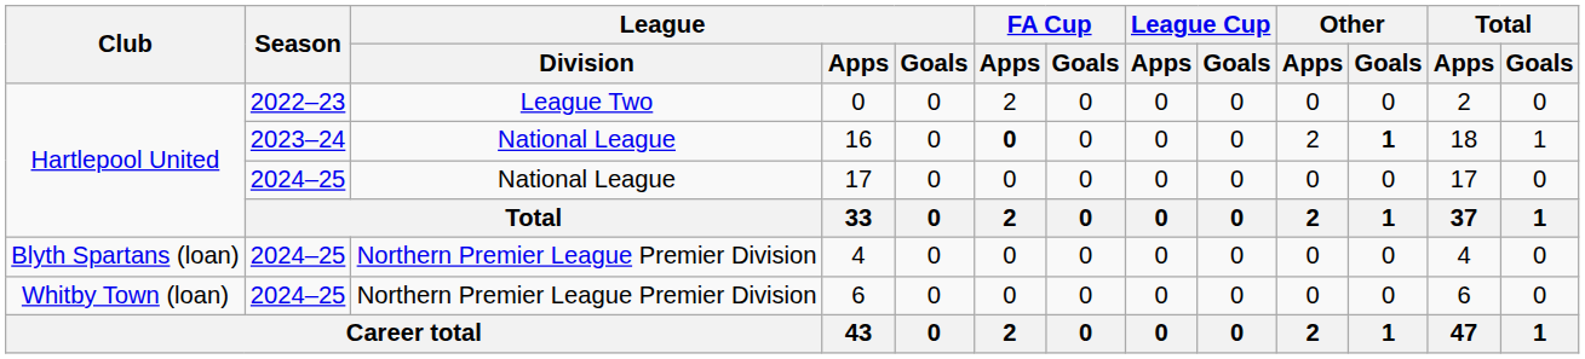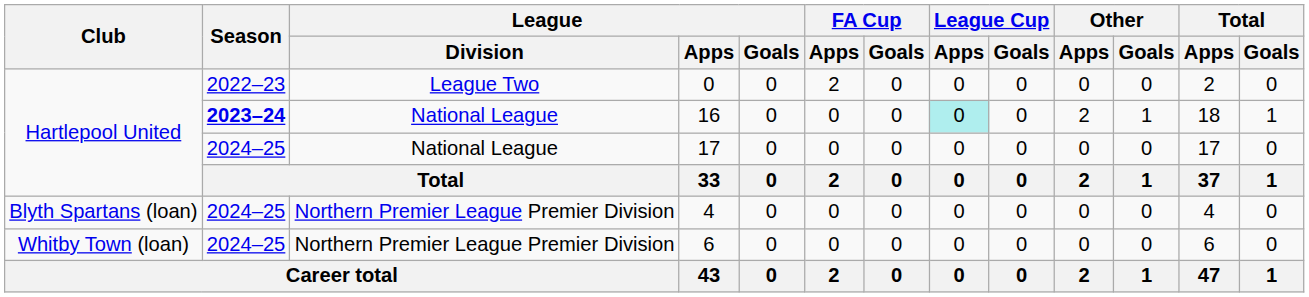 <table class=wikitable style="text-align:center">
 <tr>
 <th rowspan=2>Club</th>
 <th rowspan=2>Season</th>
 <th colspan=3>League</th>
 <th colspan=2><a href='#'>FA Cup</a></th>
 <th colspan=2><a href='#'>League Cup</a></th>
 <th colspan=2>Other</th>
 <th colspan=2>Total</th>
 </tr>
 <tr>
 <th>Division</th>
 <th>Apps</th>
 <th>Goals</th>
 <th>Apps</th>
 <th>Goals</th>
 <th>Apps</th>
 <th>Goals</th>
 <th>Apps</th>
 <th>Goals</th>
 <th>Apps</th>
 <th>Goals</th>
 </tr>
 <tr>
 <td rowspan=4><a href='#'>Hartlepool United</a></td>
 <td><a href='#'>2022–23</a></td>
 <td><a href='#'>League Two</a></td>
 <td>0</td>
 <td>0</td>
 <td>2</td>
 <td>0</td>
 <td>0</td>
 <td>0</td>
 <td>0</td>
 <td>0</td>
 <td>2</td>
 <td>0</td>
 </tr>
 <tr>
-<td><a href='#'>2023–24</a></td>
+<td><strong><a href='#'>2023–24</a></strong></td>
 <td><a href='#'>National League</a></td>
 <td>16</td>
 <td>0</td>
-<td><strong>0</strong></td>
 <td>0</td>
 <td>0</td>
+<td style="background: paleturquoise;">0</td>
 <td>0</td>
 <td>2</td>
-<td><strong>1</strong></td>
+<td>1</td>
 <td>18</td>
 <td>1</td>
 </tr>
 <tr>
 <td><a href='#'>2024–25</a></td>
 <td>National League</td>
 <td>17</td>
 <td>0</td>
 <td>0</td>
 <td>0</td>
 <td>0</td>
 <td>0</td>
 <td>0</td>
 <td>0</td>
 <td>17</td>
 <td>0</td>
 </tr>
 <tr>
 <th colspan="2">Total</th>
 <th>33</th>
 <th>0</th>
 <th>2</th>
 <th>0</th>
 <th>0</th>
 <th>0</th>
 <th>2</th>
 <th>1</th>
 <th>37</th>
 <th>1</th>
 </tr>
 <tr>
 <td><a href='#'>Blyth Spartans</a> (loan)</td>
 <td><a href='#'>2024–25</a></td>
 <td><a href='#'>Northern Premier League</a> Premier Division</td>
 <td>4</td>
 <td>0</td>
 <td>0</td>
 <td>0</td>
 <td>0</td>
 <td>0</td>
 <td>0</td>
 <td>0</td>
 <td>4</td>
 <td>0</td>
 </tr>
 <tr>
 <td><a href='#'>Whitby Town</a> (loan)</td>
 <td><a href='#'>2024–25</a></td>
 <td>Northern Premier League Premier Division</td>
 <td>6</td>
 <td>0</td>
 <td>0</td>
 <td>0</td>
 <td>0</td>
 <td>0</td>
 <td>0</td>
 <td>0</td>
 <td>6</td>
 <td>0</td>
 </tr>
 <tr>
 <th colspan=3>Career total</th>
 <th>43</th>
 <th>0</th>
 <th>2</th>
 <th>0</th>
 <th>0</th>
 <th>0</th>
 <th>2</th>
 <th>1</th>
 <th>47</th>
 <th>1</th>
 </tr>
 </table>
